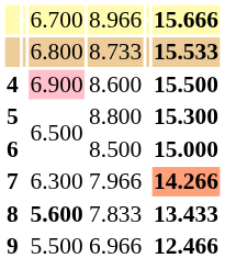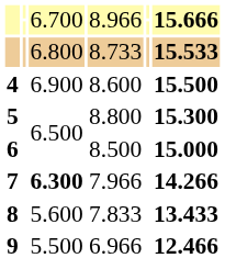 <table>
 <tr style="background:#fffcaf;">
 <th rowspan=2 scope=row style="text-align:center"></th>
 <td style="text-align:left;"></td>
 <td rowspan=2>6.700</td>
 <td rowspan=2>8.966</td>
 <td></td>
 <td rowspan=2><strong>15.666</strong></td>
 </tr>
 <tr style="background:#fffcaf;">
 <td style="text-align:left;"></td>
 <td></td>
 </tr>
 <tr style="background:#ec9;">
 <th scope=row style="text-align:center"></th>
 <td style="text-align:left;"></td>
 <td>6.800</td>
 <td>8.733</td>
 <td></td>
 <td><strong>15.533</strong></td>
 </tr>
 <tr>
 <th scope=row style="text-align:center">4</th>
 <td style="text-align:left;"></td>
-<td style="background: pink;">6.900</td>
+<td>6.900</td>
 <td>8.600</td>
 <td></td>
 <td><strong>15.500</strong></td>
 </tr>
 <tr>
 <th scope=row style="text-align:center">5</th>
 <td style="text-align:left;"></td>
 <td rowspan=2>6.500</td>
 <td>8.800</td>
 <td></td>
 <td><strong>15.300</strong></td>
 </tr>
 <tr>
 <th scope=row style="text-align:center">6</th>
 <td style="text-align:left;"></td>
 <td>8.500</td>
 <td></td>
 <td><strong>15.000</strong></td>
 </tr>
 <tr>
 <th scope=row style="text-align:center">7</th>
 <td style="text-align:left;"></td>
-<td>6.300</td>
+<td><strong>6.300</strong></td>
 <td>7.966</td>
 <td></td>
-<td style="background: lightsalmon;"><strong>14.266</strong></td>
+<td><strong>14.266</strong></td>
 </tr>
 <tr>
 <th scope=row style="text-align:center">8</th>
 <td style="text-align:left;"></td>
-<td><strong>5.600</strong></td>
+<td>5.600</td>
 <td>7.833</td>
 <td></td>
 <td><strong>13.433</strong></td>
 </tr>
 <tr>
 <th scope=row style="text-align:center">9</th>
 <td style="text-align:left;"></td>
 <td>5.500</td>
 <td>6.966</td>
 <td></td>
 <td><strong>12.466</strong></td>
 </tr>
 </table>
